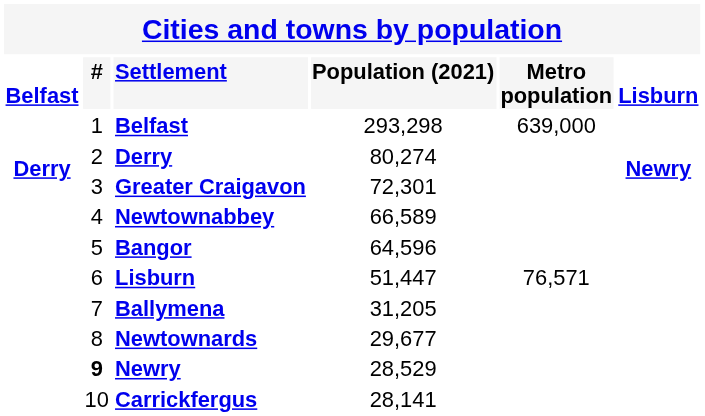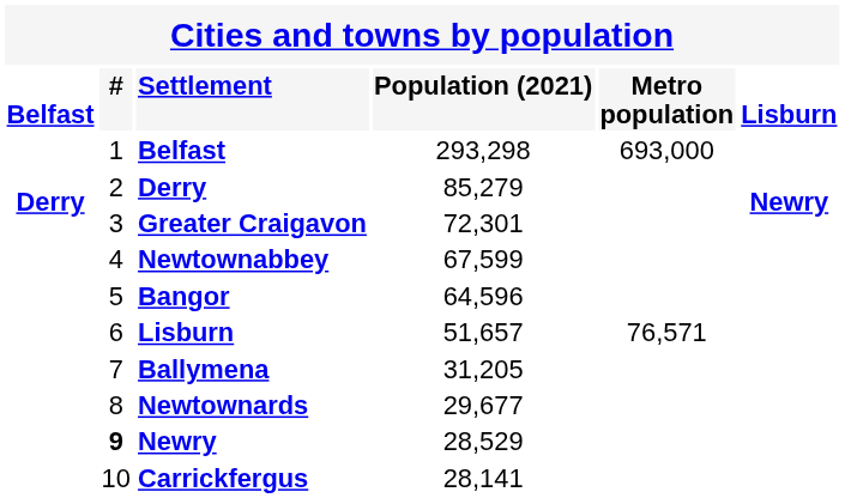 <table class="table" style="text-align:center; margin-right:10px; font-size:90%">
 <tr>
 <th colspan=6 style="background:#f5f5f5; font-size:130%; padding:0.3em"><a href='#'>Cities and towns by population</a></th>
 </tr>
 <tr style=vertical-align:top>
 <th rowspan=21><br><a href='#'>Belfast</a><br><br><br><a href='#'>Derry</a><br></th>
 <th style="background:#f5f5f5; text-align:center">#</th>
 <th style="background:#f5f5f5; text-align:left"><a href='#'>Settlement</a></th>
 <th style="background:#f5f5f5; text-align:center">Popu­lation (2021)</th>
 <th style="background:#f5f5f5; text-align:center">Metro<br>popu­lation</th>
 <th rowspan=21><br><a href='#'>Lisburn</a><br><br><br><a href='#'>Newry</a></th>
 </tr>
 <tr>
 <td>1</td>
 <td style=text-align:left><strong><a href='#'>Belfast</a></strong></td>
 <td>293,298</td>
-<td>639,000</td>
+<td>693,000</td>
 </tr>
 <tr>
 <td>2</td>
 <td style=text-align:left><strong><a href='#'>Derry</a></strong></td>
-<td>80,274</td>
+<td>85,279</td>
 <td></td>
 </tr>
 <tr>
 <td>3</td>
 <td style=text-align:left><strong><a href='#'>Greater Craigavon</a></strong></td>
 <td>72,301</td>
 </tr>
 <tr>
 <td>4</td>
 <td style=text-align:left><strong><a href='#'>Newtownabbey</a></strong></td>
-<td>66,589</td>
+<td>67,599</td>
 </tr>
 <tr>
 <td>5</td>
 <td style=text-align:left><strong><a href='#'>Bangor</a></strong></td>
 <td>64,596</td>
 </tr>
 <tr>
 <td>6</td>
 <td style=text-align:left><strong><a href='#'>Lisburn</a></strong></td>
-<td>51,447</td>
+<td>51,657</td>
 <td>76,571</td>
 </tr>
 <tr>
 <td>7</td>
 <td style=text-align:left><strong><a href='#'>Ballymena</a></strong></td>
 <td>31,205</td>
 </tr>
 <tr>
 <td>8</td>
 <td style=text-align:left><strong><a href='#'>Newtownards</a></strong></td>
 <td>29,677</td>
 </tr>
 <tr>
 <td><strong>9</strong></td>
 <td style=text-align:left><strong><a href='#'>Newry</a></strong></td>
 <td>28,529</td>
 </tr>
 <tr>
 <td>10</td>
 <td style=text-align:left><strong><a href='#'>Carrickfergus</a></strong></td>
 <td>28,141</td>
 </tr>
 </table>
